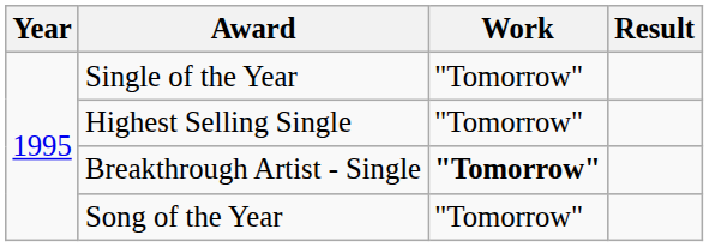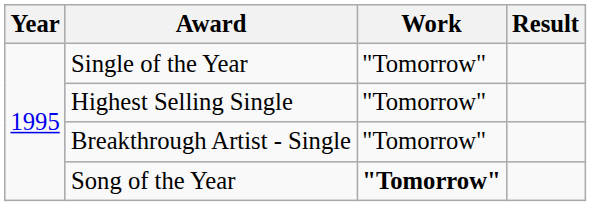 <table class="wikitable">
 <tr>
 <th>Year</th>
 <th>Award</th>
 <th>Work</th>
 <th>Result</th>
 </tr>
 <tr>
 <td rowspan="4"><a href='#'>1995</a></td>
 <td>Single of the Year</td>
 <td>"Tomorrow"</td>
 <td></td>
 </tr>
 <tr>
 <td>Highest Selling Single</td>
 <td>"Tomorrow"</td>
 <td></td>
 </tr>
 <tr>
 <td>Breakthrough Artist - Single</td>
-<td><strong>"Tomorrow"</strong></td>
+<td>"Tomorrow"</td>
 <td></td>
 </tr>
 <tr>
 <td>Song of the Year</td>
-<td>"Tomorrow"</td>
+<td><strong>"Tomorrow"</strong></td>
 <td></td>
 </tr>
 </table>
